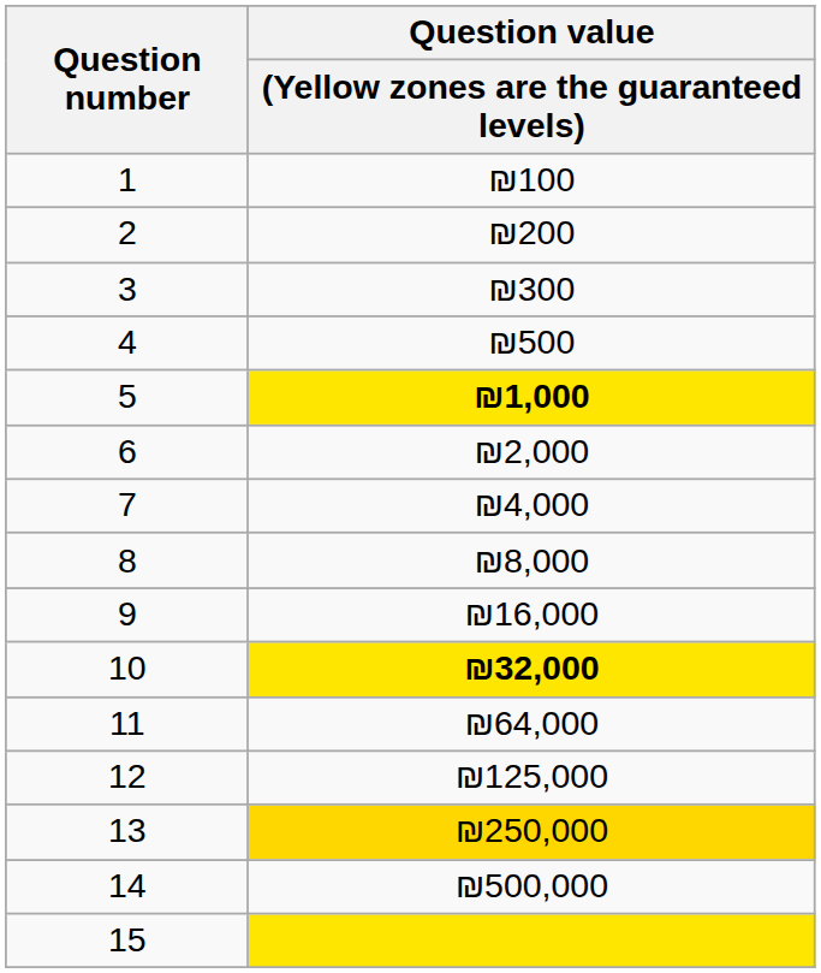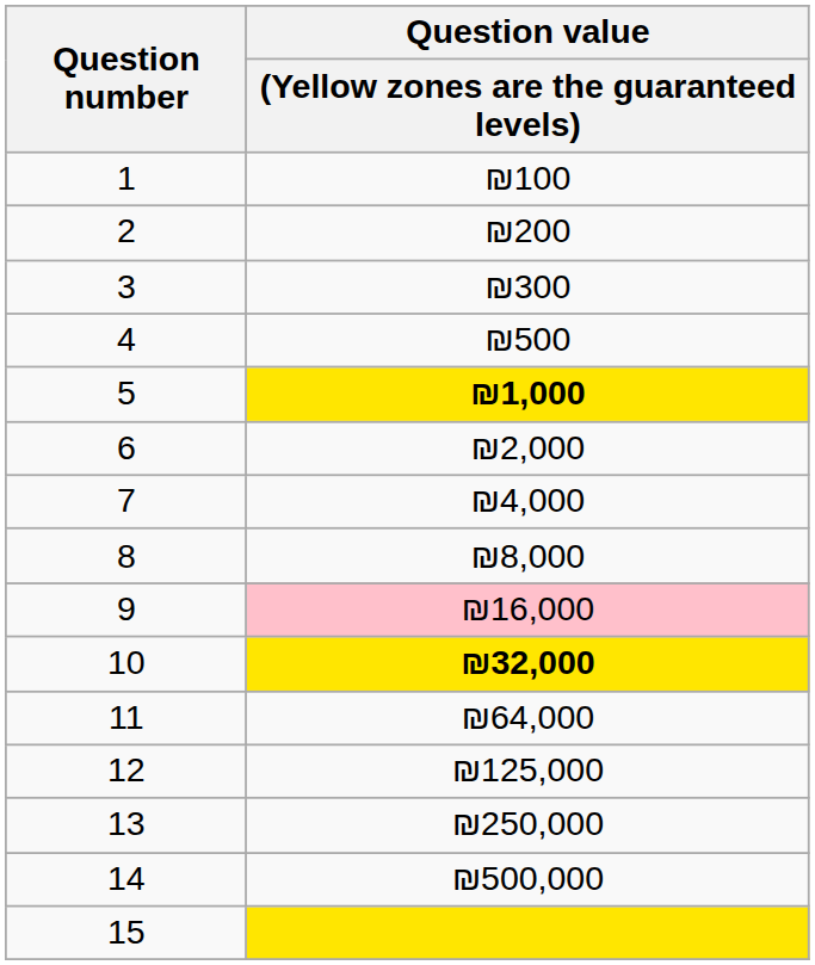 <table class="wikitable" style="text-align:center; border:1px;; cellpadding:2; cellspacing:0; width:30%;">
 <tr>
 <th rowspan="2" style="width: 30%">Question number</th>
 <th>Question value</th>
 </tr>
 <tr>
 <th style="width: 70%">(Yellow zones are the guaranteed levels)</th>
 </tr>
 <tr>
 <td>1</td>
 <td><span>₪100</span></td>
 </tr>
 <tr>
 <td>2</td>
 <td><span>₪200</span></td>
 </tr>
 <tr>
 <td>3</td>
 <td><span>₪300</span></td>
 </tr>
 <tr>
 <td>4</td>
 <td><span>₪500</span></td>
 </tr>
 <tr>
 <td>5</td>
 <td style="background: #FFE600"><span><strong>₪1,000</strong></span></td>
 </tr>
 <tr>
 <td>6</td>
 <td><span>₪2,000</span></td>
 </tr>
 <tr>
 <td>7</td>
 <td><span>₪4,000</span></td>
 </tr>
 <tr>
 <td>8</td>
 <td><span>₪8,000</span></td>
 </tr>
 <tr>
 <td>9</td>
-<td><span>₪16,000</span></td>
+<td style="background: pink;"><span>₪16,000</span></td>
 </tr>
 <tr>
 <td>10</td>
 <td style="background: #FFE600"><span><strong>₪32,000</strong></span></td>
 </tr>
 <tr>
 <td>11</td>
 <td><span>₪64,000</span></td>
 </tr>
 <tr>
 <td>12</td>
 <td><span>₪125,000</span></td>
 </tr>
 <tr>
 <td>13</td>
-<td style="background: gold;"><span>₪250,000</span></td>
+<td><span>₪250,000</span></td>
 </tr>
 <tr>
 <td>14</td>
 <td><span>₪500,000</span></td>
 </tr>
 <tr>
 <td>15</td>
 <td style="background: #FFE600"><span><strong></strong></span></td>
 </tr>
 </table>
